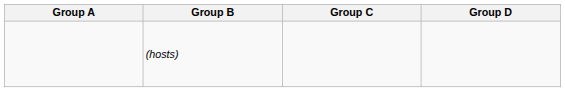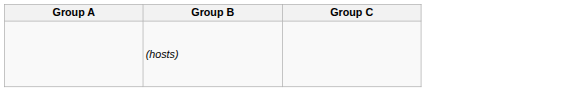 <table class="wikitable">
 <tr>
 <th width=200px>Group A</th>
 <th width=200px>Group B</th>
 <th width=200px>Group C</th>
-<th width=200px>Group D</th>
 </tr>
 <tr>
 <td><br> <br>  <br>  <br> </td>
 <td><br> <br>  <em>(hosts)</em> <br>  <br>  <br></td>
 <td><br> <br>  <br>  <br> </td>
-<td><br> <br>  <br> </td>
 </tr>
 </table>
